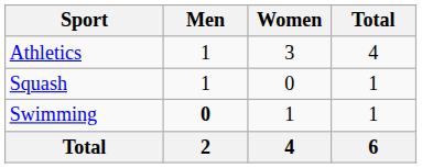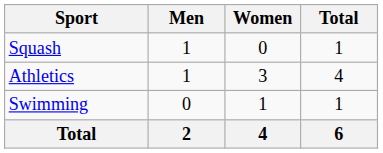 <table class="wikitable sortable" style="text-align:center;">
 <tr>
 <th width=120>Sport</th>
 <th width=60>Men</th>
 <th width=60>Women</th>
 <th width=60>Total</th>
 </tr>
 <tr>
+<td align=left><a href='#'>Squash</a></td>
+<td>1</td>
+<td>0</td>
+<td>1</td>
+</tr>
+<tr>
 <td align=left><a href='#'>Athletics</a></td>
 <td>1</td>
 <td>3</td>
 <td>4</td>
 </tr>
 <tr>
-<td align=left><a href='#'>Squash</a></td>
-<td>1</td>
+<td align=left><a href='#'>Swimming</a></td>
 <td>0</td>
-<td>1</td>
-</tr>
-<tr>
-<td align=left><a href='#'>Swimming</a></td>
-<td><strong>0</strong></td>
 <td>1</td>
 <td>1</td>
 </tr>
 <tr>
 <th>Total</th>
 <th>2</th>
 <th>4</th>
 <th>6</th>
 </tr>
 </table>
